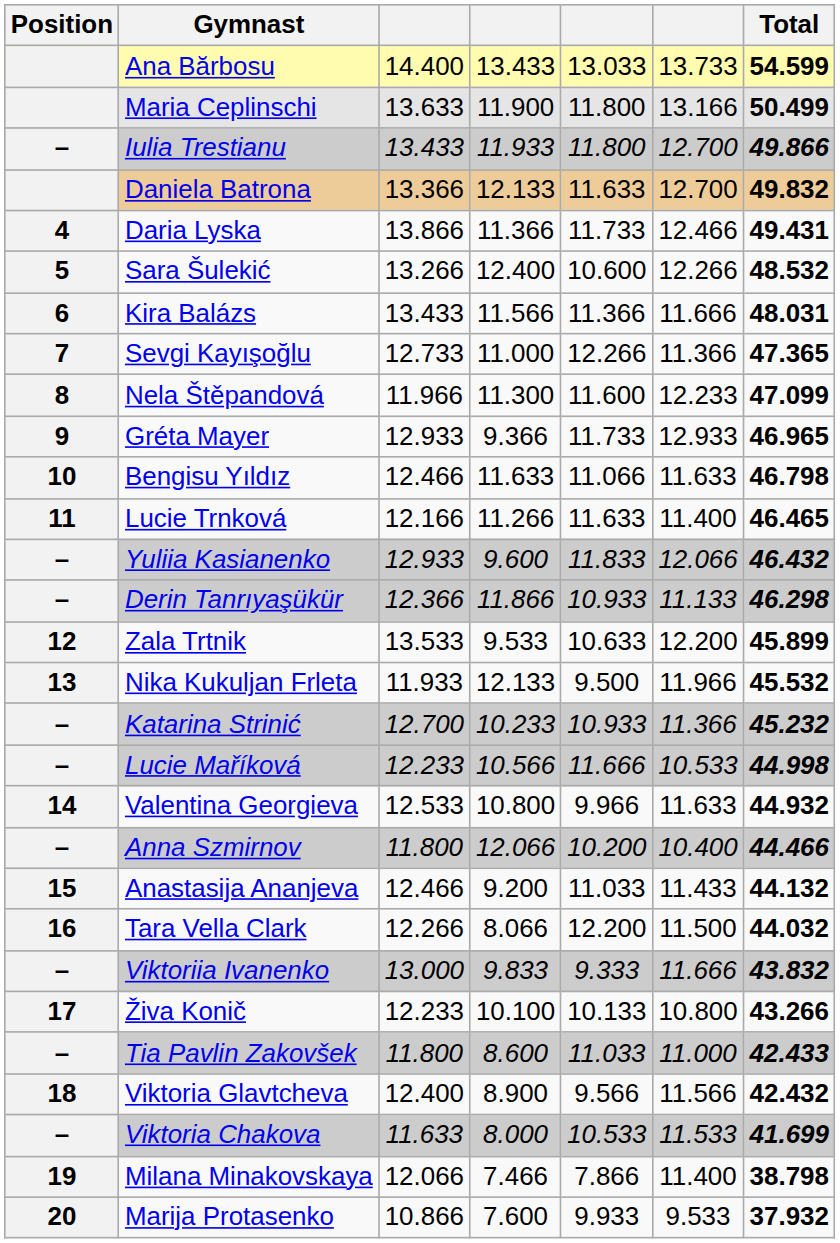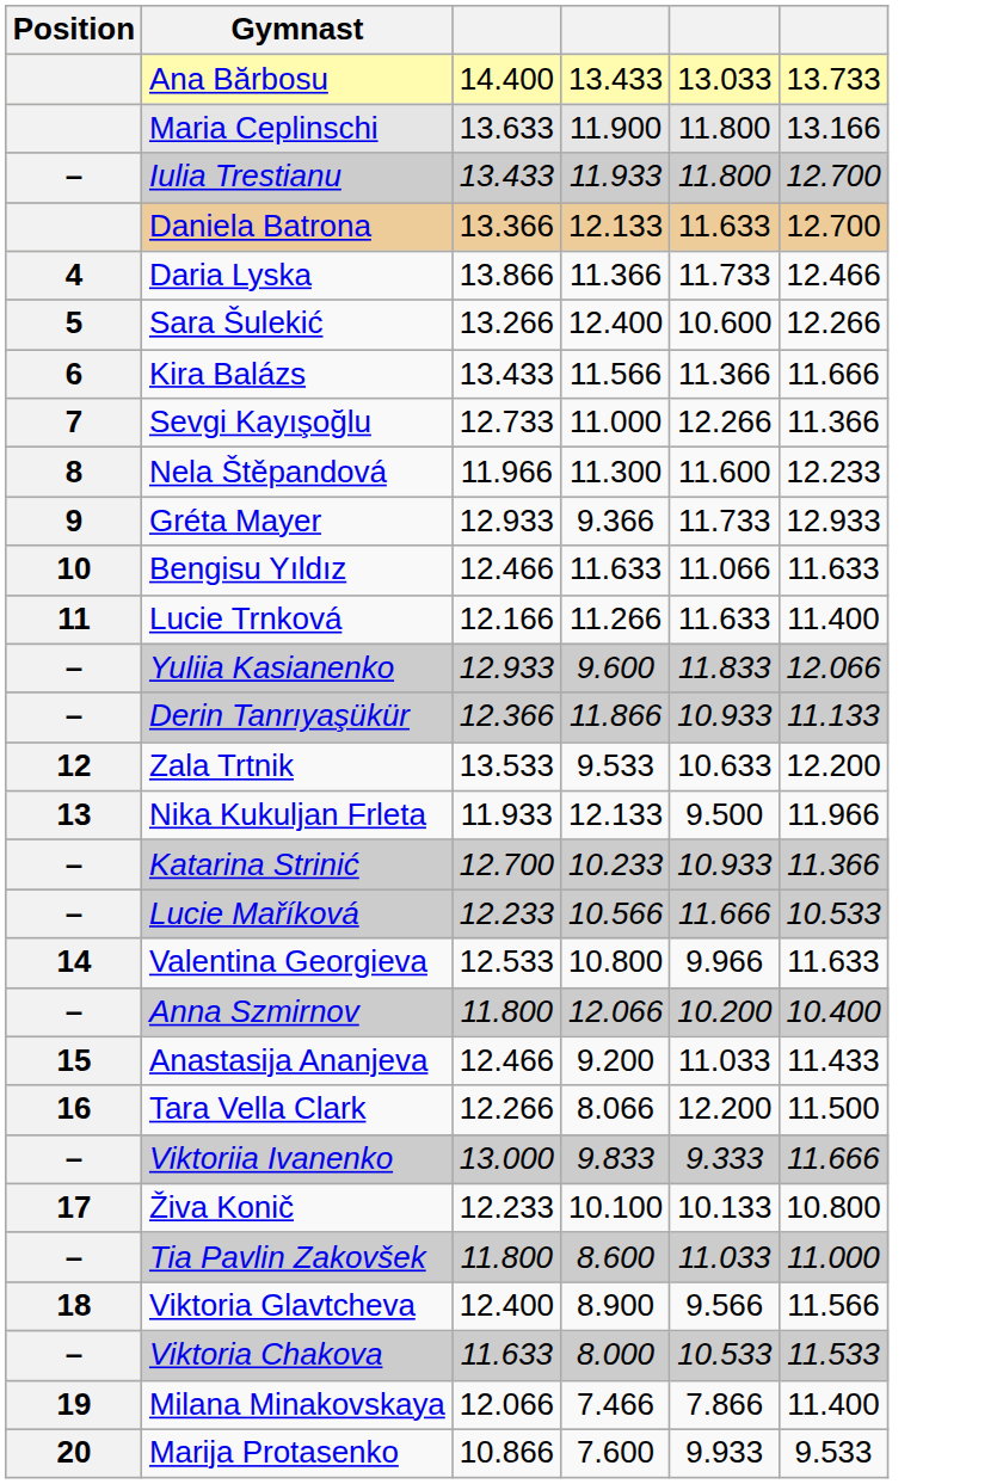 <table class="wikitable sortable" style="text-align:center;">
 <tr>
 <th scope="col"><strong>Position</strong></th>
 <th scope="col"><strong>Gymnast</strong></th>
 <th scope="col"><strong></strong></th>
 <th scope="col"><strong></strong></th>
 <th scope="col"><strong></strong></th>
 <th scope="col"><strong></strong></th>
-<th scope="col"><strong>Total</strong></th>
 </tr>
 <tr style="background:#fffcaf;">
 <th scope="row" style="text-align:center;"><strong></strong></th>
 <td style="text-align:left;"> <a href='#'>Ana Bărbosu</a></td>
 <td>14.400</td>
 <td>13.433</td>
 <td>13.033</td>
 <td>13.733</td>
-<td><strong>54.599</strong></td>
 </tr>
 <tr style="background:#e5e5e5;">
 <th scope="row" style="text-align:center;"><strong></strong></th>
 <td style="text-align:left;"> <a href='#'>Maria Ceplinschi</a></td>
 <td>13.633</td>
 <td>11.900</td>
 <td>11.800</td>
 <td>13.166</td>
-<td><strong>50.499</strong></td>
 </tr>
 <tr style="background:#cccccc;">
 <th scope="row" style="text-align:center;"><strong>–</strong></th>
 <td style="text-align:left;"><em> <a href='#'>Iulia Trestianu</a></em></td>
 <td><em>13.433</em></td>
 <td><em>11.933</em></td>
 <td><em>11.800</em></td>
 <td><em>12.700</em></td>
-<td><strong><em>49.866</em></strong></td>
 </tr>
 <tr style="background:#ec9;">
 <th scope="row" style="text-align:center;"><strong></strong></th>
 <td style="text-align:left;"> <a href='#'>Daniela Batrona</a></td>
 <td>13.366</td>
 <td>12.133</td>
 <td>11.633</td>
 <td>12.700</td>
-<td><strong>49.832</strong></td>
 </tr>
 <tr>
 <th scope="row" style="text-align:center;"><strong>4</strong></th>
 <td style="text-align:left;"> <a href='#'>Daria Lyska</a></td>
 <td>13.866</td>
 <td>11.366</td>
 <td>11.733</td>
 <td>12.466</td>
-<td><strong>49.431</strong></td>
 </tr>
 <tr>
 <th scope="row" style="text-align:center;"><strong>5</strong></th>
 <td style="text-align:left;"> <a href='#'>Sara Šulekić</a></td>
 <td>13.266</td>
 <td>12.400</td>
 <td>10.600</td>
 <td>12.266</td>
-<td><strong>48.532</strong></td>
 </tr>
 <tr>
 <th scope="row" style="text-align:center;"><strong>6</strong></th>
 <td style="text-align:left;"> <a href='#'>Kira Balázs</a></td>
 <td>13.433</td>
 <td>11.566</td>
 <td>11.366</td>
 <td>11.666</td>
-<td><strong>48.031</strong></td>
 </tr>
 <tr>
 <th scope="row" style="text-align:center;"><strong>7</strong></th>
 <td style="text-align:left;"> <a href='#'>Sevgi Kayışoğlu</a></td>
 <td>12.733</td>
 <td>11.000</td>
 <td>12.266</td>
 <td>11.366</td>
-<td><strong>47.365</strong></td>
 </tr>
 <tr>
 <th scope="row" style="text-align:center;"><strong>8</strong></th>
 <td style="text-align:left;"> <a href='#'>Nela Štěpandová</a></td>
 <td>11.966</td>
 <td>11.300</td>
 <td>11.600</td>
 <td>12.233</td>
-<td><strong>47.099</strong></td>
 </tr>
 <tr>
 <th scope="row" style="text-align:center;"><strong>9</strong></th>
 <td style="text-align:left;"> <a href='#'>Gréta Mayer</a></td>
 <td>12.933</td>
 <td>9.366</td>
 <td>11.733</td>
 <td>12.933</td>
-<td><strong>46.965</strong></td>
 </tr>
 <tr>
 <th scope="row" style="text-align:center;"><strong>10</strong></th>
 <td style="text-align:left;"> <a href='#'>Bengisu Yıldız</a></td>
 <td>12.466</td>
 <td>11.633</td>
 <td>11.066</td>
 <td>11.633</td>
-<td><strong>46.798</strong></td>
 </tr>
 <tr>
 <th scope="row" style="text-align:center;"><strong>11</strong></th>
 <td style="text-align:left;"> <a href='#'>Lucie Trnková</a></td>
 <td>12.166</td>
 <td>11.266</td>
 <td>11.633</td>
 <td>11.400</td>
-<td><strong>46.465</strong></td>
 </tr>
 <tr style="background:#cccccc;">
 <th scope="row" style="text-align:center;"><strong>–</strong></th>
 <td style="text-align:left;"><em> <a href='#'>Yuliia Kasianenko</a></em></td>
 <td><em>12.933</em></td>
 <td><em>9.600</em></td>
 <td><em>11.833</em></td>
 <td><em>12.066</em></td>
-<td><strong><em>46.432</em></strong></td>
 </tr>
 <tr style="background:#cccccc;">
 <th scope="row" style="text-align:center;"><strong>–</strong></th>
 <td style="text-align:left;"><em> <a href='#'>Derin Tanrıyaşükür</a></em></td>
 <td><em>12.366</em></td>
 <td><em>11.866</em></td>
 <td><em>10.933</em></td>
 <td><em>11.133</em></td>
-<td><strong><em>46.298</em></strong></td>
 </tr>
 <tr>
 <th scope="row" style="text-align:center;"><strong>12</strong></th>
 <td style="text-align:left;"> <a href='#'>Zala Trtnik</a></td>
 <td>13.533</td>
 <td>9.533</td>
 <td>10.633</td>
 <td>12.200</td>
-<td><strong>45.899</strong></td>
 </tr>
 <tr>
 <th scope="row" style="text-align:center;"><strong>13</strong></th>
 <td style="text-align:left;"> <a href='#'>Nika Kukuljan Frleta</a></td>
 <td>11.933</td>
 <td>12.133</td>
 <td>9.500</td>
 <td>11.966</td>
-<td><strong>45.532</strong></td>
 </tr>
 <tr style="background:#cccccc;">
 <th scope="row" style="text-align:center;"><strong>–</strong></th>
 <td style="text-align:left;"><em> <a href='#'>Katarina Strinić</a></em></td>
 <td><em>12.700</em></td>
 <td><em>10.233</em></td>
 <td><em>10.933</em></td>
 <td><em>11.366</em></td>
-<td><strong><em>45.232</em></strong></td>
 </tr>
 <tr style="background:#cccccc;">
 <th scope="row" style="text-align:center;"><strong>–</strong></th>
 <td style="text-align:left;"><em> <a href='#'>Lucie Maříková</a></em></td>
 <td><em>12.233</em></td>
 <td><em>10.566</em></td>
 <td><em>11.666</em></td>
 <td><em>10.533</em></td>
-<td><strong><em>44.998</em></strong></td>
 </tr>
 <tr>
 <th scope="row" style="text-align:center;"><strong>14</strong></th>
 <td style="text-align:left;"> <a href='#'>Valentina Georgieva</a></td>
 <td>12.533</td>
 <td>10.800</td>
 <td>9.966</td>
 <td>11.633</td>
-<td><strong>44.932</strong></td>
 </tr>
 <tr style="background:#cccccc;">
 <th scope="row" style="text-align:center;"><strong>–</strong></th>
 <td style="text-align:left;"><em> <a href='#'>Anna Szmirnov</a></em></td>
 <td><em>11.800</em></td>
 <td><em>12.066</em></td>
 <td><em>10.200</em></td>
 <td><em>10.400</em></td>
-<td><strong><em>44.466</em></strong></td>
 </tr>
 <tr>
 <th scope="row" style="text-align:center;"><strong>15</strong></th>
 <td style="text-align:left;"> <a href='#'>Anastasija Ananjeva</a></td>
 <td>12.466</td>
 <td>9.200</td>
 <td>11.033</td>
 <td>11.433</td>
-<td><strong>44.132</strong></td>
 </tr>
 <tr>
 <th scope="row" style="text-align:center;"><strong>16</strong></th>
 <td style="text-align:left;"> <a href='#'>Tara Vella Clark</a></td>
 <td>12.266</td>
 <td>8.066</td>
 <td>12.200</td>
 <td>11.500</td>
-<td><strong>44.032</strong></td>
 </tr>
 <tr style="background:#cccccc;">
 <th scope="row" style="text-align:center;"><strong>–</strong></th>
 <td style="text-align:left;"><em> <a href='#'>Viktoriia Ivanenko</a></em></td>
 <td><em>13.000</em></td>
 <td><em>9.833</em></td>
 <td><em>9.333</em></td>
 <td><em>11.666</em></td>
-<td><strong><em>43.832</em></strong></td>
 </tr>
 <tr>
 <th scope="row" style="text-align:center;"><strong>17</strong></th>
 <td style="text-align:left;"> <a href='#'>Živa Konič</a></td>
 <td>12.233</td>
 <td>10.100</td>
 <td>10.133</td>
 <td>10.800</td>
-<td><strong>43.266</strong></td>
 </tr>
 <tr style="background:#cccccc;">
 <th scope="row" style="text-align:center;"><strong>–</strong></th>
 <td style="text-align:left;"><em> <a href='#'>Tia Pavlin Zakovšek</a></em></td>
 <td><em>11.800</em></td>
 <td><em>8.600</em></td>
 <td><em>11.033</em></td>
 <td><em>11.000</em></td>
-<td><strong><em>42.433</em></strong></td>
 </tr>
 <tr>
 <th scope="row" style="text-align:center;"><strong>18</strong></th>
 <td style="text-align:left;"> <a href='#'>Viktoria Glavtcheva</a></td>
 <td>12.400</td>
 <td>8.900</td>
 <td>9.566</td>
 <td>11.566</td>
-<td><strong>42.432</strong></td>
 </tr>
 <tr style="background:#cccccc;">
 <th scope="row" style="text-align:center;"><strong>–</strong></th>
 <td style="text-align:left;"><em> <a href='#'>Viktoria Chakova</a></em></td>
 <td><em>11.633</em></td>
 <td><em>8.000</em></td>
 <td><em>10.533</em></td>
 <td><em>11.533</em></td>
-<td><strong><em>41.699</em></strong></td>
 </tr>
 <tr>
 <th scope="row" style="text-align:center;"><strong>19</strong></th>
 <td style="text-align:left;"> <a href='#'>Milana Minakovskaya</a></td>
 <td>12.066</td>
 <td>7.466</td>
 <td>7.866</td>
 <td>11.400</td>
-<td><strong>38.798</strong></td>
 </tr>
 <tr>
 <th scope="row" style="text-align:center;"><strong>20</strong></th>
 <td style="text-align:left;"> <a href='#'>Marija Protasenko</a></td>
 <td>10.866</td>
 <td>7.600</td>
 <td>9.933</td>
 <td>9.533</td>
-<td><strong>37.932</strong></td>
 </tr>
 </table>
